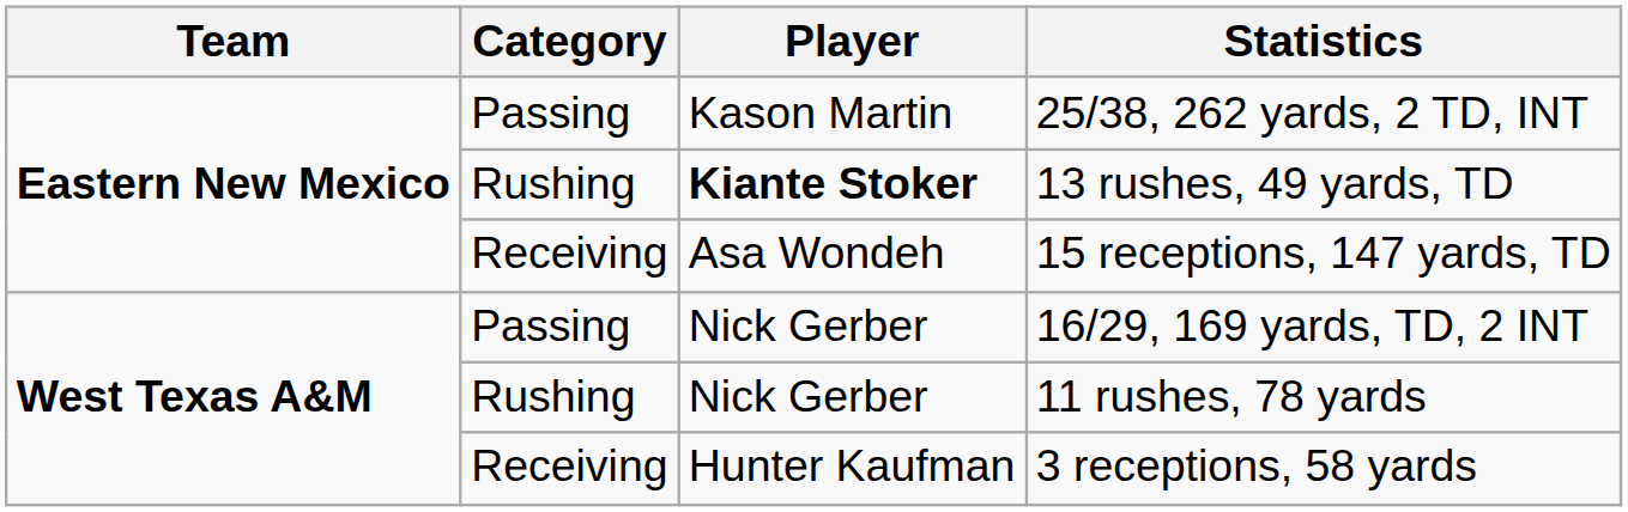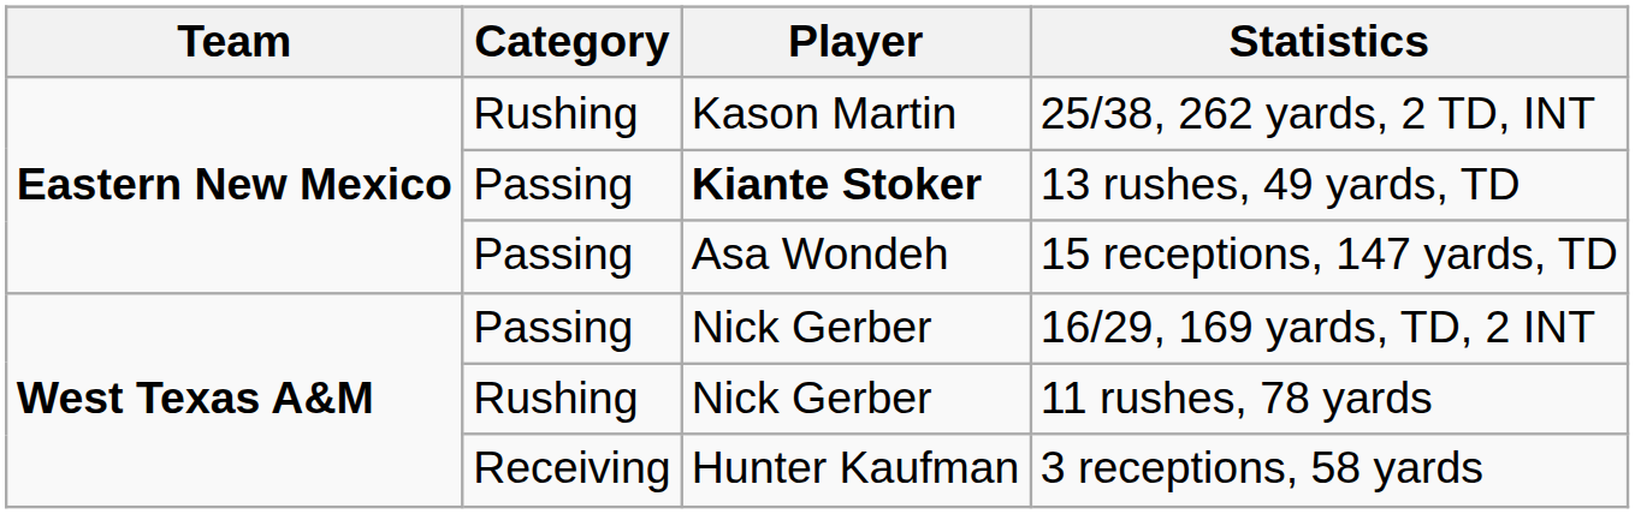 <table class="wikitable" style="float: left;">
 <tr>
 <th>Team</th>
 <th>Category</th>
 <th>Player</th>
 <th>Statistics</th>
 </tr>
 <tr>
 <td rowspan=3><strong>Eastern New Mexico</strong></td>
-<td>Passing</td>
+<td>Rushing</td>
 <td>Kason Martin</td>
 <td>25/38, 262 yards, 2 TD, INT</td>
 </tr>
 <tr>
-<td>Rushing</td>
+<td>Passing</td>
 <td><strong>Kiante Stoker</strong></td>
 <td>13 rushes, 49 yards, TD</td>
 </tr>
 <tr>
-<td>Receiving</td>
+<td>Passing</td>
 <td>Asa Wondeh</td>
 <td>15 receptions, 147 yards, TD</td>
 </tr>
 <tr>
 <td rowspan=3><strong>West Texas A&M</strong></td>
 <td>Passing</td>
 <td>Nick Gerber</td>
 <td>16/29, 169 yards, TD, 2 INT</td>
 </tr>
 <tr>
 <td>Rushing</td>
 <td>Nick Gerber</td>
 <td>11 rushes, 78 yards</td>
 </tr>
 <tr>
 <td>Receiving</td>
 <td>Hunter Kaufman</td>
 <td>3 receptions, 58 yards</td>
 </tr>
 </table>
